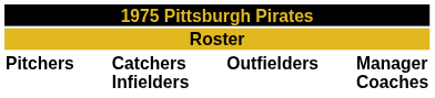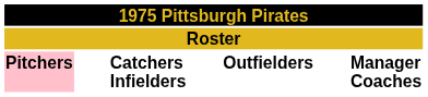 <table class="toccolours" style="font-size: 95%;">
 <tr>
 <th colspan="10" style="background-color: black; color: #e1b81e; text-align: center;">1975 Pittsburgh Pirates</th>
 </tr>
 <tr>
 <td colspan="10" style="background-color: #e1b81e; color: black; text-align: center;"><strong>Roster</strong></td>
 </tr>
 <tr>
-<td valign="top"><strong>Pitchers</strong><br>             </td>
+<td valign="top" style="background: pink;"><strong>Pitchers</strong><br>             </td>
 <td width="25px"></td>
 <td valign="top"><strong>Catchers</strong><br>   <strong>Infielders</strong>           </td>
 <td width="25px"></td>
 <td valign="top"><strong>Outfielders</strong><br>     </td>
 <td width="25px"></td>
 <td valign="top"><strong>Manager</strong><br> <strong>Coaches</strong>    </td>
 </tr>
 </table>
